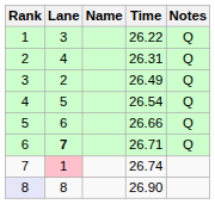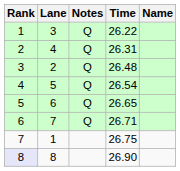 <table class="wikitable sortable" style="text-align:center">
 <tr>
 <th>Rank</th>
 <th>Lane</th>
+<th>Notes</th>
+<th>Time</th>
 <th>Name</th>
-<th>Time</th>
-<th>Notes</th>
 </tr>
 <tr bgcolor=ccffcc>
 <td>1</td>
 <td>3</td>
+<td>Q</td>
+<td>26.22</td>
 <td align=left></td>
-<td>26.22</td>
-<td>Q</td>
 </tr>
 <tr bgcolor=ccffcc>
 <td>2</td>
 <td>4</td>
+<td>Q</td>
+<td>26.31</td>
 <td align=left></td>
-<td>26.31</td>
-<td>Q</td>
 </tr>
 <tr bgcolor=ccffcc>
 <td>3</td>
 <td>2</td>
+<td>Q</td>
+<td>26.48</td>
 <td align=left></td>
-<td>26.49</td>
-<td>Q</td>
 </tr>
 <tr bgcolor=ccffcc>
 <td>4</td>
 <td>5</td>
+<td>Q</td>
+<td>26.54</td>
 <td align=left></td>
-<td>26.54</td>
-<td>Q</td>
 </tr>
 <tr bgcolor=ccffcc>
 <td>5</td>
 <td>6</td>
+<td>Q</td>
+<td>26.65</td>
 <td align=left></td>
-<td>26.66</td>
-<td>Q</td>
 </tr>
 <tr bgcolor=ccffcc>
 <td>6</td>
-<td><strong>7</strong></td>
+<td>7</td>
+<td>Q</td>
+<td>26.71</td>
 <td align=left></td>
-<td>26.71</td>
-<td>Q</td>
 </tr>
 <tr>
 <td>7</td>
-<td style="background: pink;">1</td>
+<td>1</td>
+<td></td>
+<td>26.75</td>
 <td align=left></td>
-<td>26.74</td>
-<td></td>
 </tr>
 <tr>
 <td style="background: lavender;">8</td>
 <td>8</td>
+<td></td>
+<td>26.90</td>
 <td align=left></td>
-<td>26.90</td>
-<td></td>
 </tr>
 </table>
